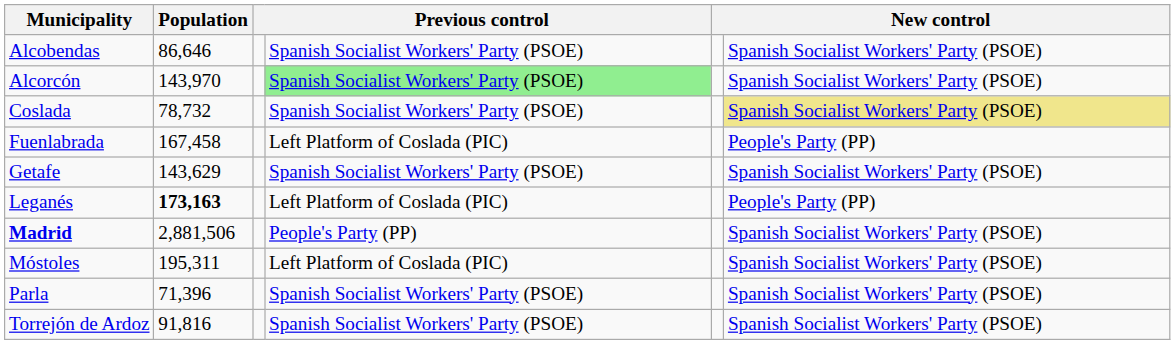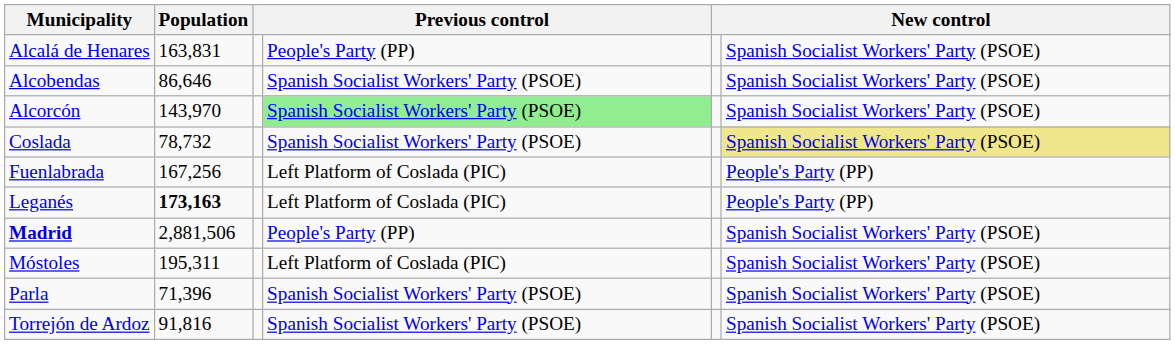 <table class="wikitable sortable">
 <tr>
 <th>Municipality</th>
 <th>Population</th>
 <th colspan="2" style="width:375px;">Previous control</th>
 <th colspan="2" style="width:375px;">New control</th>
+</tr>
+<tr>
+<td><a href='#'>Alcalá de Henares</a></td>
+<td>163,831</td>
+<td width="1" style="color:inherit;background:"></td>
+<td><a href='#'>People's Party</a> (PP)</td>
+<td width="1" style="color:inherit;background:"></td>
+<td><a href='#'>Spanish Socialist Workers' Party</a> (PSOE)</td>
 </tr>
 <tr>
 <td><a href='#'>Alcobendas</a></td>
 <td>86,646</td>
 <td style="color:inherit;background:"></td>
 <td><a href='#'>Spanish Socialist Workers' Party</a> (PSOE)</td>
 <td style="color:inherit;background:"></td>
 <td><a href='#'>Spanish Socialist Workers' Party</a> (PSOE)</td>
 </tr>
 <tr>
 <td><a href='#'>Alcorcón</a></td>
 <td>143,970</td>
 <td style="color:inherit;background:"></td>
 <td style="background: lightgreen;"><a href='#'>Spanish Socialist Workers' Party</a> (PSOE)</td>
 <td style="color:inherit;background:"></td>
 <td><a href='#'>Spanish Socialist Workers' Party</a> (PSOE)</td>
 </tr>
 <tr>
 <td><a href='#'>Coslada</a></td>
 <td>78,732</td>
 <td style="color:inherit;background:"></td>
 <td><a href='#'>Spanish Socialist Workers' Party</a> (PSOE)</td>
 <td style="color:inherit;background:"></td>
 <td style="background: khaki;"><a href='#'>Spanish Socialist Workers' Party</a> (PSOE)</td>
 </tr>
 <tr>
 <td><a href='#'>Fuenlabrada</a></td>
-<td>167,458</td>
+<td>167,256</td>
 <td style="color:inherit;background:"></td>
 <td>Left Platform of Coslada (PIC)</td>
 <td style="color:inherit;background:"></td>
 <td><a href='#'>People's Party</a> (PP)</td>
-</tr>
-<tr>
-<td><a href='#'>Getafe</a></td>
-<td>143,629</td>
-<td style="color:inherit;background:"></td>
-<td><a href='#'>Spanish Socialist Workers' Party</a> (PSOE)</td>
-<td style="color:inherit;background:"></td>
-<td><a href='#'>Spanish Socialist Workers' Party</a> (PSOE)</td>
 </tr>
 <tr>
 <td><a href='#'>Leganés</a></td>
 <td><strong>173,163</strong></td>
 <td style="color:inherit;background:"></td>
 <td>Left Platform of Coslada (PIC)</td>
 <td style="color:inherit;background:"></td>
 <td><a href='#'>People's Party</a> (PP)</td>
 </tr>
 <tr>
 <td><strong><a href='#'>Madrid</a></strong></td>
 <td>2,881,506</td>
 <td style="color:inherit;background:"></td>
 <td><a href='#'>People's Party</a> (PP)</td>
 <td style="color:inherit;background:"></td>
 <td><a href='#'>Spanish Socialist Workers' Party</a> (PSOE)</td>
 </tr>
 <tr>
 <td><a href='#'>Móstoles</a></td>
 <td>195,311</td>
 <td style="color:inherit;background:"></td>
 <td>Left Platform of Coslada (PIC)</td>
 <td style="color:inherit;background:"></td>
 <td><a href='#'>Spanish Socialist Workers' Party</a> (PSOE)</td>
 </tr>
 <tr>
 <td><a href='#'>Parla</a></td>
 <td>71,396</td>
 <td style="color:inherit;background:"></td>
 <td><a href='#'>Spanish Socialist Workers' Party</a> (PSOE)</td>
 <td style="color:inherit;background:"></td>
 <td><a href='#'>Spanish Socialist Workers' Party</a> (PSOE)</td>
 </tr>
 <tr>
 <td><a href='#'>Torrejón de Ardoz</a></td>
 <td>91,816</td>
 <td style="color:inherit;background:"></td>
 <td><a href='#'>Spanish Socialist Workers' Party</a> (PSOE)</td>
 <td style="color:inherit;background:"></td>
 <td><a href='#'>Spanish Socialist Workers' Party</a> (PSOE)</td>
 </tr>
 </table>
